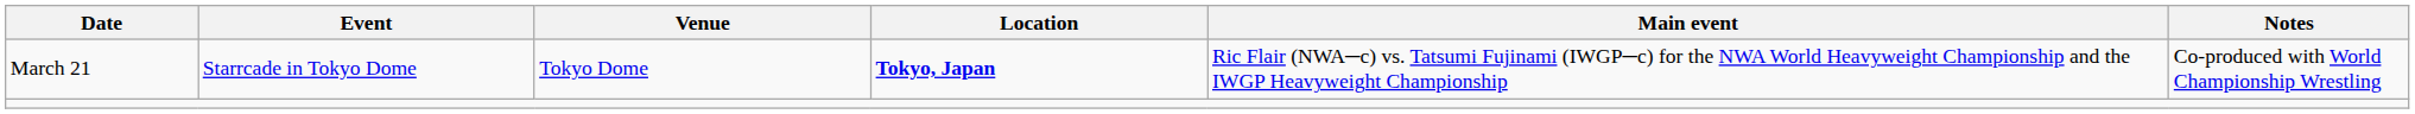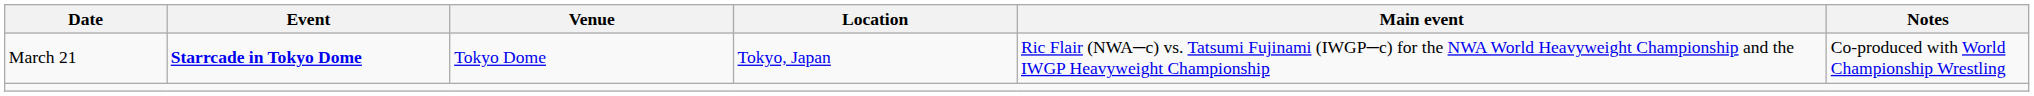 <table class="sortable wikitable succession-box" style="font-size:85%;">
 <tr>
 <th width=8%>Date</th>
 <th width=14%>Event</th>
 <th width=14%>Venue</th>
 <th width=14%>Location</th>
 <th width=40%>Main event</th>
 <th width=14%>Notes</th>
 </tr>
 <tr>
 <td>March 21</td>
-<td><a href='#'>Starrcade in Tokyo Dome</a></td>
+<td><strong><a href='#'>Starrcade in Tokyo Dome</a></strong></td>
 <td><a href='#'>Tokyo Dome</a></td>
-<td><strong><a href='#'>Tokyo, Japan</a></strong></td>
+<td><a href='#'>Tokyo, Japan</a></td>
 <td><a href='#'>Ric Flair</a> (NWA─c) vs. <a href='#'>Tatsumi Fujinami</a> (IWGP─c) for the <a href='#'>NWA World Heavyweight Championship</a> and the <a href='#'>IWGP Heavyweight Championship</a></td>
 <td>Co-produced with <a href='#'>World Championship Wrestling</a></td>
 </tr>
 <tr>
 <td colspan=6></td>
 </tr>
 </table>
